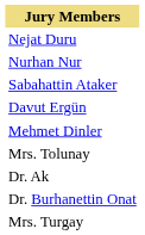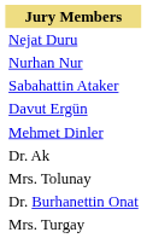 <table align="right" class="toccolours" cellspacing="0" cellpadding="3">
 <tr style="background: #EEDD82">
 <th>Jury Members</th>
 </tr>
 <tr>
 <td><a href='#'>Nejat Duru</a></td>
 </tr>
 <tr>
 <td><a href='#'>Nurhan Nur</a></td>
 </tr>
 <tr>
 <td><a href='#'>Sabahattin Ataker</a></td>
 </tr>
 <tr>
 <td><a href='#'>Davut Ergün</a></td>
 </tr>
 <tr>
 <td><a href='#'>Mehmet Dinler</a></td>
 </tr>
 <tr>
-<td>Mrs. Tolunay</td>
+<td>Dr. Ak</td>
 </tr>
 <tr>
-<td>Dr. Ak</td>
+<td>Mrs. Tolunay</td>
 </tr>
 <tr>
 <td>Dr. <a href='#'>Burhanettin Onat</a></td>
 </tr>
 <tr>
 <td>Mrs. Turgay</td>
 </tr>
 </table>
